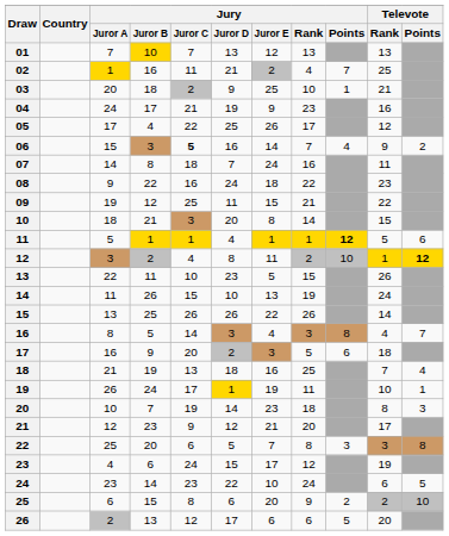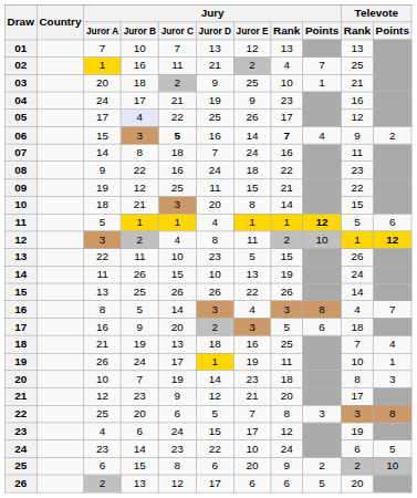 <table class="sortable wikitable collapsible plainrowheaders" style="text-align:center;">
 <tr>
 </tr>
 <tr>
 <th scope="col" rowspan="2">Draw</th>
 <th scope="col" rowspan="2">Country</th>
 <th scope="col" colspan="7">Jury</th>
 <th scope="col" colspan="2">Televote</th>
 </tr>
 <tr>
 <th scope="col"><small>Juror A</small></th>
 <th scope="col"><small>Juror B</small></th>
 <th scope="col"><small>Juror C</small></th>
 <th scope="col"><small>Juror D</small></th>
 <th scope="col"><small>Juror E</small></th>
 <th scope="col">Rank</th>
 <th scope="col">Points</th>
 <th scope="col">Rank</th>
 <th scope="col">Points</th>
 </tr>
 <tr>
 <th scope="row" style="text-align:center;">01</th>
 <td style="text-align:left;"></td>
 <td>7</td>
-<td style="background: gold;">10</td>
+<td>10</td>
 <td>7</td>
 <td>13</td>
 <td>12</td>
 <td>13</td>
 <td style="background:#AAAAAA;"></td>
 <td>13</td>
 <td style="background:#AAAAAA;"></td>
 </tr>
 <tr>
 <th scope="row" style="text-align:center;">02</th>
 <td style="text-align:left;"></td>
 <td style="background:gold;">1</td>
 <td>16</td>
 <td>11</td>
 <td>21</td>
 <td style="background:silver;">2</td>
 <td>4</td>
 <td>7</td>
 <td>25</td>
 <td style="background:#AAAAAA;"></td>
 </tr>
 <tr>
 <th scope="row" style="text-align:center;">03</th>
 <td style="text-align:left;"></td>
 <td>20</td>
 <td>18</td>
 <td style="background:silver;">2</td>
 <td>9</td>
 <td>25</td>
 <td>10</td>
 <td>1</td>
 <td>21</td>
 <td style="background:#AAAAAA;"></td>
 </tr>
 <tr>
 <th scope="row" style="text-align:center;">04</th>
 <td style="text-align:left;"></td>
 <td>24</td>
 <td>17</td>
 <td>21</td>
 <td>19</td>
 <td>9</td>
 <td>23</td>
 <td style="background:#AAAAAA;"></td>
 <td>16</td>
 <td style="background:#AAAAAA;"></td>
 </tr>
 <tr>
 <th scope="row" style="text-align:center;">05</th>
 <td style="text-align:left;"></td>
 <td>17</td>
-<td>4</td>
+<td style="background: lavender;">4</td>
 <td>22</td>
 <td>25</td>
 <td>26</td>
 <td>17</td>
 <td style="background:#AAAAAA;"></td>
 <td>12</td>
 <td style="background:#AAAAAA;"></td>
 </tr>
 <tr>
 <th scope="row" style="text-align:center;">06</th>
 <td style="text-align:left;"></td>
 <td>15</td>
 <td style="background:#CC9966;">3</td>
 <td><strong>5</strong></td>
 <td>16</td>
 <td>14</td>
-<td>7</td>
+<td><strong>7</strong></td>
 <td>4</td>
 <td>9</td>
 <td>2</td>
 </tr>
 <tr>
 <th scope="row" style="text-align:center;">07</th>
 <td style="text-align:left;"></td>
 <td>14</td>
 <td>8</td>
 <td>18</td>
 <td>7</td>
 <td>24</td>
 <td>16</td>
 <td style="background:#AAAAAA;"></td>
 <td>11</td>
 <td style="background:#AAAAAA;"></td>
 </tr>
 <tr>
 <th scope="row" style="text-align:center;">08</th>
 <td style="text-align:left;"></td>
 <td>9</td>
 <td>22</td>
 <td>16</td>
 <td>24</td>
 <td>18</td>
 <td>22</td>
 <td style="background:#AAAAAA;"></td>
 <td>23</td>
 <td style="background:#AAAAAA;"></td>
 </tr>
 <tr>
 <th scope="row" style="text-align:center;">09</th>
 <td style="text-align:left;"></td>
 <td>19</td>
 <td>12</td>
 <td>25</td>
 <td>11</td>
 <td>15</td>
 <td>21</td>
 <td style="background:#AAAAAA;"></td>
 <td>22</td>
 <td style="background:#AAAAAA;"></td>
 </tr>
 <tr>
 <th scope="row" style="text-align:center;">10</th>
 <td style="text-align:left;"></td>
 <td>18</td>
 <td>21</td>
 <td style="background:#CC9966;">3</td>
 <td>20</td>
 <td>8</td>
 <td>14</td>
 <td style="background:#AAAAAA;"></td>
 <td>15</td>
 <td style="background:#AAAAAA;"></td>
 </tr>
 <tr>
 <th scope="row" style="text-align:center;">11</th>
 <td style="text-align:left;"></td>
 <td>5</td>
 <td style="background:gold;">1</td>
 <td style="background:gold;">1</td>
 <td>4</td>
 <td style="background:gold;">1</td>
 <td style="background:gold;">1</td>
 <td style="background:gold;"><strong>12</strong></td>
 <td>5</td>
 <td>6</td>
 </tr>
 <tr>
 <th scope="row" style="text-align:center;">12</th>
 <td style="text-align:left;"></td>
 <td style="background:#CC9966;">3</td>
 <td style="background:silver;">2</td>
 <td>4</td>
 <td>8</td>
 <td>11</td>
 <td style="background:silver;">2</td>
 <td style="background:silver;">10</td>
 <td style="background:gold;">1</td>
 <td style="background:gold;"><strong>12</strong></td>
 </tr>
 <tr>
 <th scope="row" style="text-align:center;">13</th>
 <td style="text-align:left;"></td>
 <td>22</td>
 <td>11</td>
 <td>10</td>
 <td>23</td>
 <td>5</td>
 <td>15</td>
 <td style="background:#AAAAAA;"></td>
 <td>26</td>
 <td style="background:#AAAAAA;"></td>
 </tr>
 <tr>
 <th scope="row" style="text-align:center;">14</th>
 <td style="text-align:left;"></td>
 <td>11</td>
 <td>26</td>
 <td>15</td>
 <td>10</td>
 <td>13</td>
 <td>19</td>
 <td style="background:#AAAAAA;"></td>
 <td>24</td>
 <td style="background:#AAAAAA;"></td>
 </tr>
 <tr>
 <th scope="row" style="text-align:center;">15</th>
 <td style="text-align:left;"></td>
 <td>13</td>
 <td>25</td>
 <td>26</td>
 <td>26</td>
 <td>22</td>
 <td>26</td>
 <td style="background:#AAAAAA;"></td>
 <td>14</td>
 <td style="background:#AAAAAA;"></td>
 </tr>
 <tr>
 <th scope="row" style="text-align:center;">16</th>
 <td style="text-align:left;"></td>
 <td>8</td>
 <td>5</td>
 <td>14</td>
 <td style="background:#CC9966;">3</td>
 <td>4</td>
 <td style="background:#CC9966;">3</td>
 <td style="background:#CC9966;">8</td>
 <td>4</td>
 <td>7</td>
 </tr>
 <tr>
 <th scope="row" style="text-align:center;">17</th>
 <td style="text-align:left;"></td>
 <td>16</td>
 <td>9</td>
 <td>20</td>
 <td style="background:silver;">2</td>
 <td style="background:#CC9966;">3</td>
 <td>5</td>
 <td>6</td>
 <td>18</td>
 <td style="background:#AAAAAA;"></td>
 </tr>
 <tr>
 <th scope="row" style="text-align:center;">18</th>
 <td style="text-align:left;"></td>
 <td>21</td>
 <td>19</td>
 <td>13</td>
 <td>18</td>
 <td>16</td>
 <td>25</td>
 <td style="background:#AAAAAA;"></td>
 <td>7</td>
 <td>4</td>
 </tr>
 <tr>
 <th scope="row" style="text-align:center;">19</th>
 <td style="text-align:left;"></td>
 <td>26</td>
 <td>24</td>
 <td>17</td>
 <td style="background:gold;">1</td>
 <td>19</td>
 <td>11</td>
 <td style="background:#AAAAAA;"></td>
 <td>10</td>
 <td>1</td>
 </tr>
 <tr>
 <th scope="row" style="text-align:center;">20</th>
 <td style="text-align:left;"></td>
 <td>10</td>
 <td>7</td>
 <td>19</td>
 <td>14</td>
 <td>23</td>
 <td>18</td>
 <td style="background:#AAAAAA;"></td>
 <td>8</td>
 <td>3</td>
 </tr>
 <tr>
 <th scope="row" style="text-align:center;">21</th>
 <td style="text-align:left;"></td>
 <td>12</td>
 <td>23</td>
 <td>9</td>
 <td>12</td>
 <td>21</td>
 <td>20</td>
 <td style="background:#AAAAAA;"></td>
 <td>17</td>
 <td style="background:#AAAAAA;"></td>
 </tr>
 <tr>
 <th scope="row" style="text-align:center;">22</th>
 <td style="text-align:left;"></td>
 <td>25</td>
 <td>20</td>
 <td>6</td>
 <td>5</td>
 <td>7</td>
 <td>8</td>
 <td>3</td>
 <td style="background:#CC9966;">3</td>
 <td style="background:#CC9966;">8</td>
 </tr>
 <tr>
 <th scope="row" style="text-align:center;">23</th>
 <td style="text-align:left;"></td>
 <td>4</td>
 <td>6</td>
 <td>24</td>
 <td>15</td>
 <td>17</td>
 <td>12</td>
 <td style="background:#AAAAAA;"></td>
 <td>19</td>
 <td style="background:#AAAAAA;"></td>
 </tr>
 <tr>
 <th scope="row" style="text-align:center;">24</th>
 <td style="text-align:left;"></td>
 <td>23</td>
 <td>14</td>
 <td>23</td>
 <td>22</td>
 <td>10</td>
 <td>24</td>
 <td style="background:#AAAAAA;"></td>
 <td>6</td>
 <td>5</td>
 </tr>
 <tr>
 <th scope="row" style="text-align:center;">25</th>
 <td style="text-align:left;"></td>
 <td>6</td>
 <td>15</td>
 <td>8</td>
 <td>6</td>
 <td>20</td>
 <td>9</td>
 <td>2</td>
 <td style="background:silver;">2</td>
 <td style="background:silver;">10</td>
 </tr>
 <tr>
 <th scope="row" style="text-align:center;">26</th>
 <td style="text-align:left;"></td>
 <td style="background:silver;">2</td>
 <td>13</td>
 <td>12</td>
 <td>17</td>
 <td>6</td>
 <td>6</td>
 <td>5</td>
 <td>20</td>
 <td style="background:#AAAAAA;"></td>
 </tr>
 </table>
